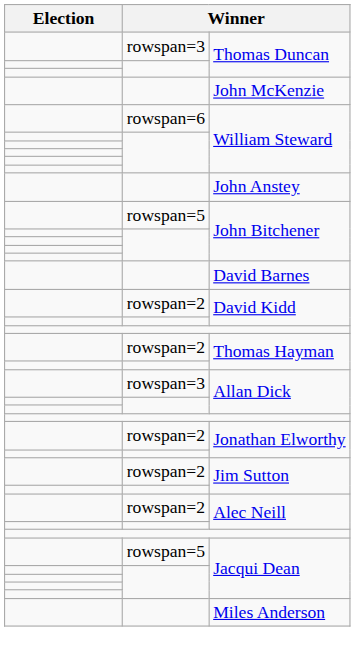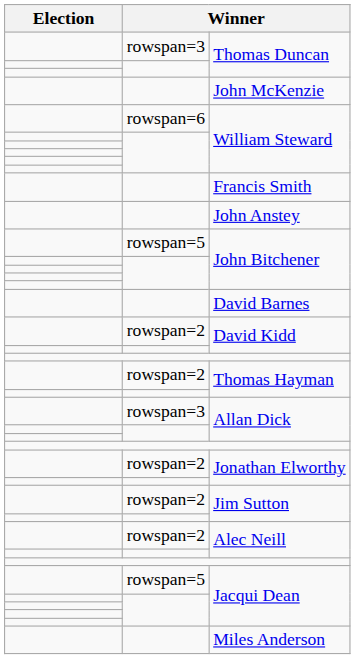 <table class=wikitable>
 <tr>
 <th width=100>Election</th>
 <th width=175 colspan=2>Winner</th>
 </tr>
 <tr>
 <td></td>
 <td>rowspan=3 </td>
 <td rowspan=3><a href='#'>Thomas Duncan</a></td>
 </tr>
 <tr>
 <td></td>
 </tr>
 <tr>
 <td></td>
 </tr>
 <tr>
 <td></td>
 <td></td>
 <td><a href='#'>John McKenzie</a></td>
 </tr>
 <tr>
 <td></td>
 <td>rowspan=6 </td>
 <td rowspan=6><a href='#'>William Steward</a></td>
 </tr>
 <tr>
 <td></td>
 </tr>
 <tr>
 <td></td>
 </tr>
 <tr>
 <td></td>
 </tr>
 <tr>
 <td></td>
 </tr>
 <tr>
 <td></td>
+</tr>
+<tr>
+<td></td>
+<td></td>
+<td><a href='#'>Francis Smith</a></td>
 </tr>
 <tr>
 <td></td>
 <td></td>
 <td><a href='#'>John Anstey</a></td>
 </tr>
 <tr>
 <td></td>
 <td>rowspan=5 </td>
 <td rowspan=5><a href='#'>John Bitchener</a></td>
 </tr>
 <tr>
 <td></td>
 </tr>
 <tr>
 <td></td>
 </tr>
 <tr>
 <td></td>
 </tr>
 <tr>
 <td></td>
 </tr>
 <tr>
 <td></td>
 <td></td>
 <td><a href='#'>David Barnes</a></td>
 </tr>
 <tr>
 <td></td>
 <td>rowspan=2 </td>
 <td rowspan=2><a href='#'>David Kidd</a></td>
 </tr>
 <tr>
 <td></td>
 </tr>
 <tr>
 <td colspan=3 align=center></td>
 </tr>
 <tr>
 <td></td>
 <td>rowspan=2 </td>
 <td rowspan=2><a href='#'>Thomas Hayman</a></td>
 </tr>
 <tr>
 <td></td>
 </tr>
 <tr>
 <td></td>
 <td>rowspan=3 </td>
 <td rowspan=3><a href='#'>Allan Dick</a></td>
 </tr>
 <tr>
 <td></td>
 </tr>
 <tr>
 <td></td>
 </tr>
 <tr>
 <td colspan=3 align=center></td>
 </tr>
 <tr>
 <td></td>
 <td>rowspan=2 </td>
 <td rowspan=2><a href='#'>Jonathan Elworthy</a></td>
 </tr>
 <tr>
 <td></td>
 </tr>
 <tr>
 <td></td>
 <td>rowspan=2 </td>
 <td rowspan=2><a href='#'>Jim Sutton</a></td>
 </tr>
 <tr>
 <td></td>
 </tr>
 <tr>
 <td></td>
 <td>rowspan=2 </td>
 <td rowspan=2><a href='#'>Alec Neill</a></td>
 </tr>
 <tr>
 <td></td>
 </tr>
 <tr>
 <td colspan=3 align=center></td>
 </tr>
 <tr>
 <td></td>
 <td>rowspan=5 </td>
 <td rowspan=5><a href='#'>Jacqui Dean</a></td>
 </tr>
 <tr>
 <td></td>
 </tr>
 <tr>
 <td></td>
 </tr>
 <tr>
 <td></td>
 </tr>
 <tr>
 <td></td>
 </tr>
 <tr>
 <td></td>
 <td></td>
 <td><a href='#'>Miles Anderson</a></td>
 </tr>
 </table>
